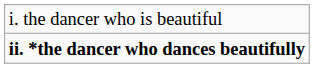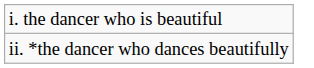 <table class="wikitable" border="1">
 <tr>
 <td>i.  the dancer who is beautiful</td>
 </tr>
 <tr>
-<td><strong>ii. *the dancer who dances beautifully </strong></td>
+<td>ii. *the dancer who dances beautifully </td>
 </tr>
 </table>
